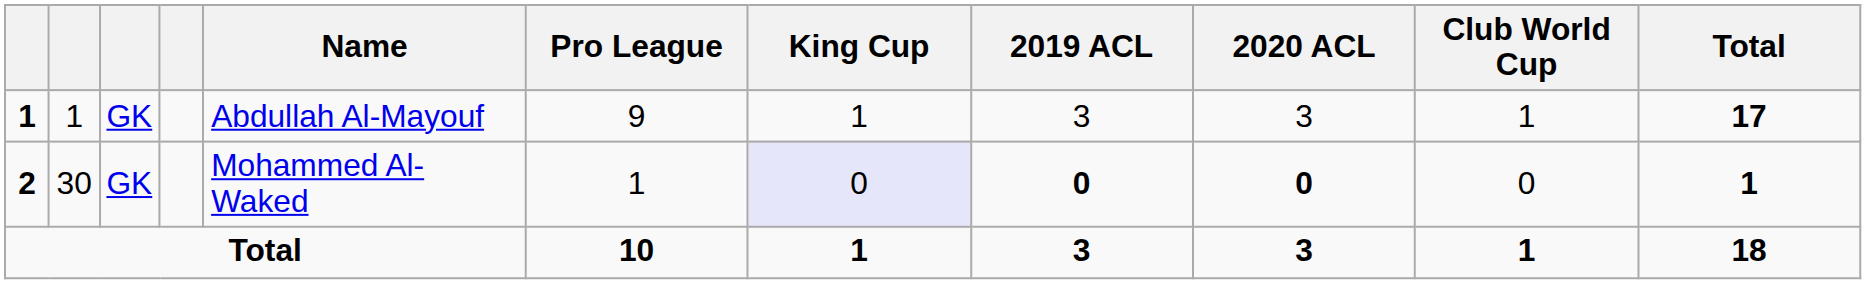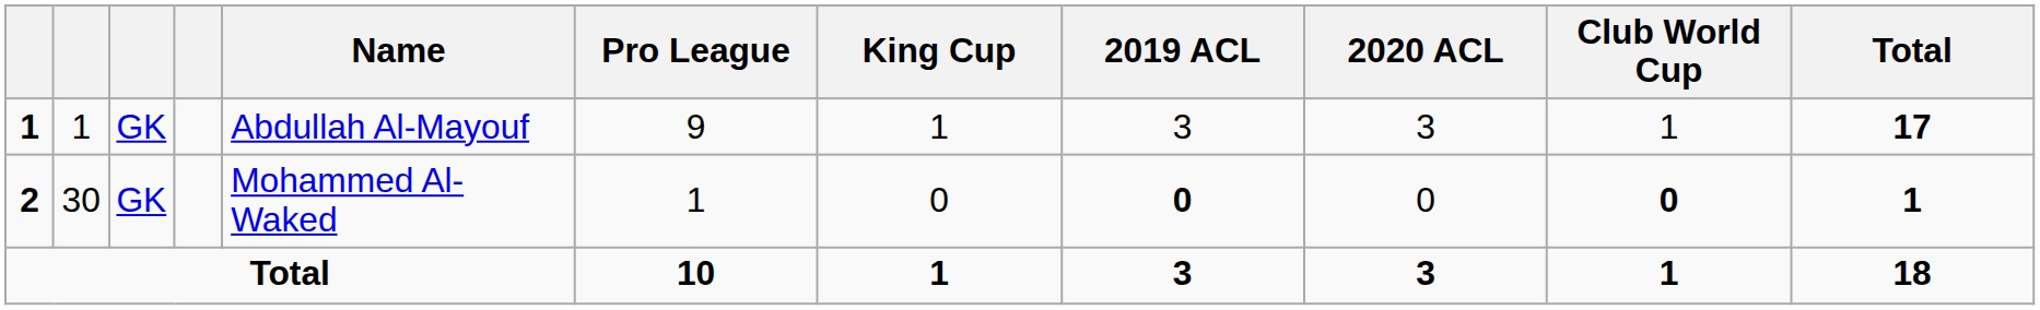 <table class="wikitable" style="text-align:center">
 <tr>
 <th width=15></th>
 <th width=15></th>
 <th width=15></th>
 <th width=15></th>
 <th width=155>Name</th>
 <th width=105>Pro League</th>
 <th width=105>King Cup</th>
 <th width=105>2019 ACL</th>
 <th width=105>2020 ACL</th>
 <th width=105>Club World Cup</th>
 <th width=105>Total</th>
 </tr>
 <tr>
 <td><strong>1</strong></td>
 <td>1</td>
 <td><a href='#'>GK</a></td>
 <td></td>
 <td align=left><a href='#'>Abdullah Al-Mayouf</a></td>
 <td>9</td>
 <td>1</td>
 <td>3</td>
 <td>3</td>
 <td>1</td>
 <td><strong>17</strong></td>
 </tr>
 <tr>
 <td><strong>2</strong></td>
 <td>30</td>
 <td><a href='#'>GK</a></td>
 <td></td>
 <td align=left><a href='#'>Mohammed Al-Waked</a></td>
 <td>1</td>
-<td style="background: lavender;">0</td>
-<td><strong>0</strong></td>
+<td>0</td>
 <td><strong>0</strong></td>
 <td>0</td>
+<td><strong>0</strong></td>
 <td><strong>1</strong></td>
 </tr>
 <tr>
 <td colspan=5><strong>Total</strong></td>
 <td><strong>10</strong></td>
 <td><strong>1</strong></td>
 <td><strong>3</strong></td>
 <td><strong>3</strong></td>
 <td><strong>1</strong></td>
 <td><strong>18</strong></td>
 </tr>
 </table>
